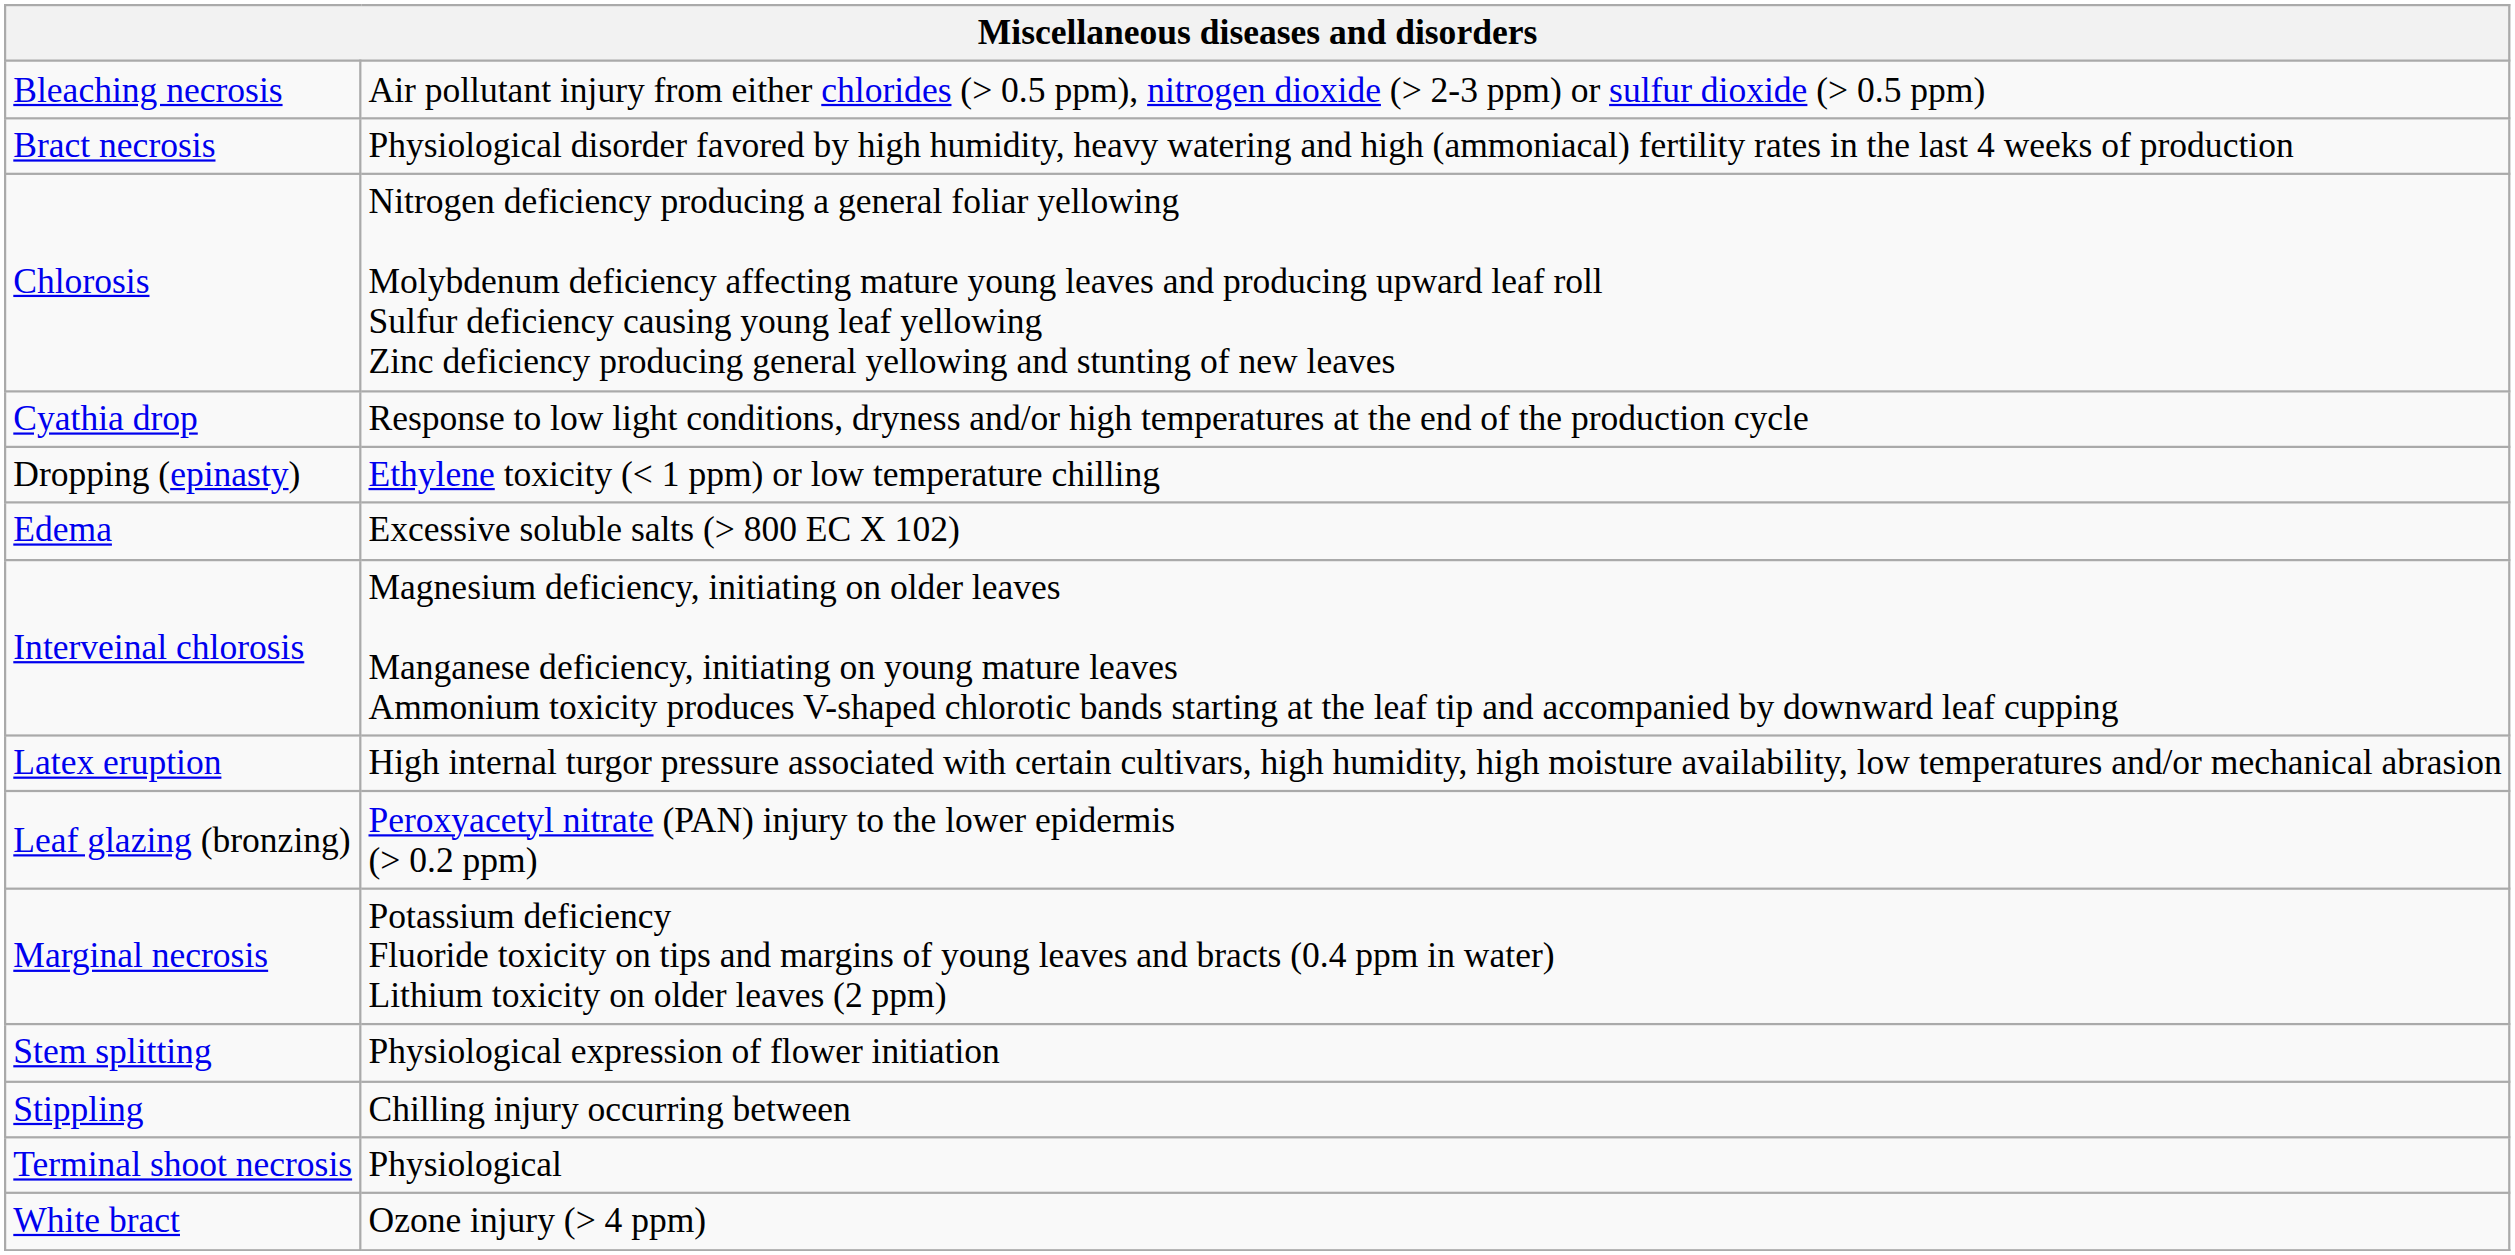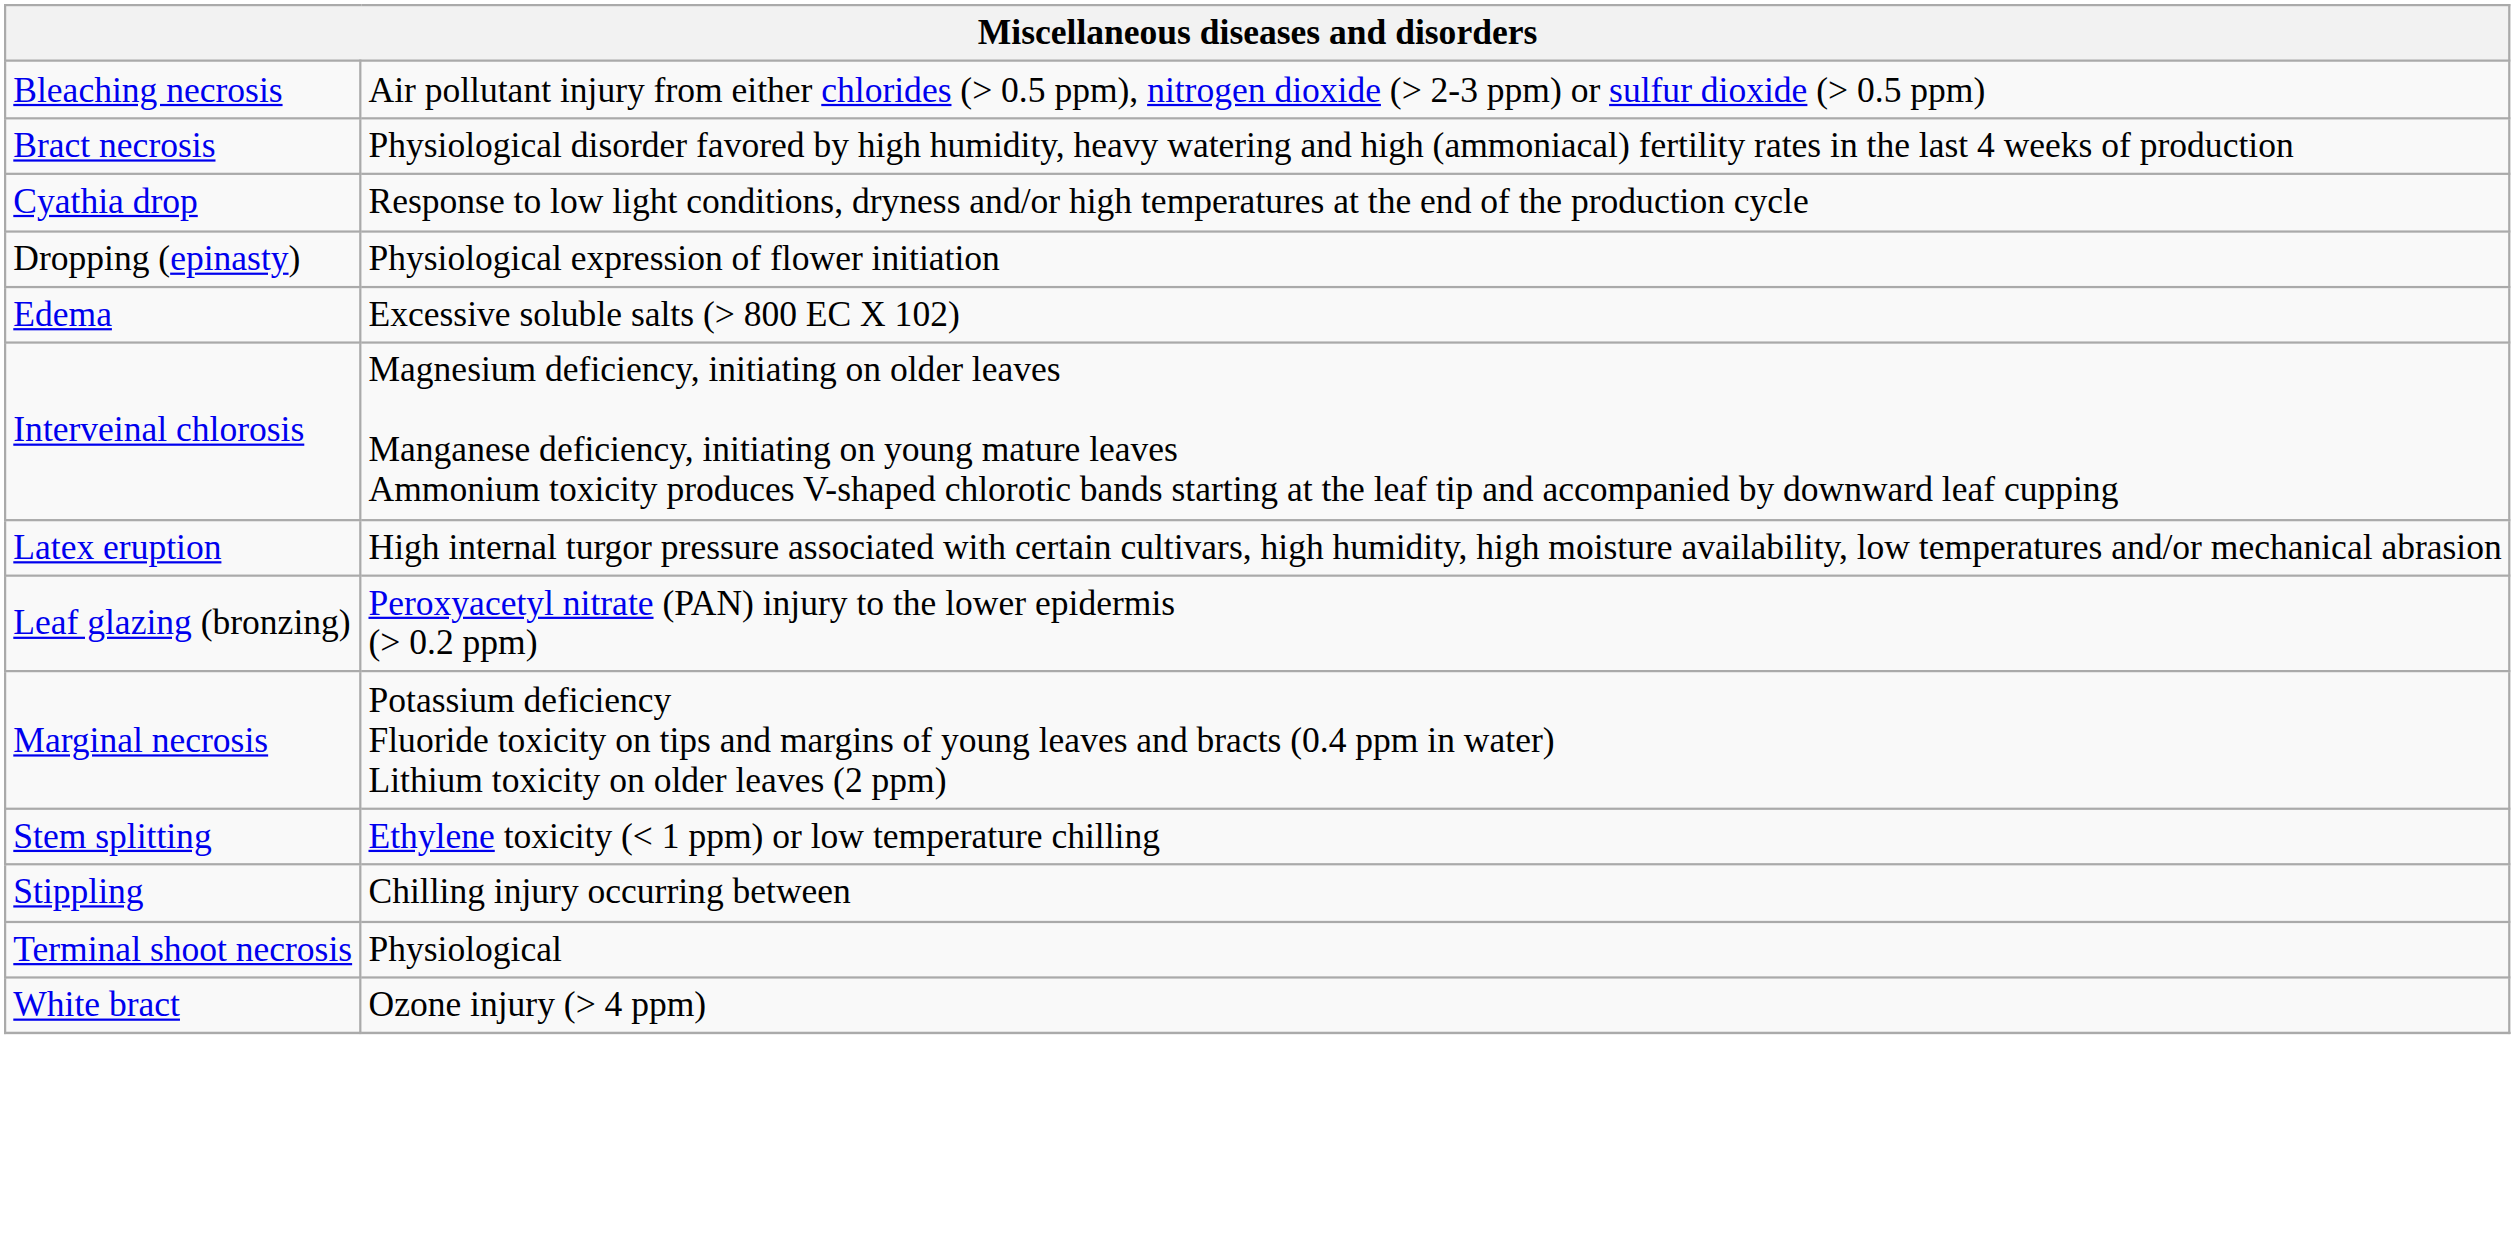 <table class="wikitable" style="clear">
 <tr>
 <th colspan=2><strong>Miscellaneous diseases and disorders</strong></th>
 </tr>
 <tr>
 <td><a href='#'>Bleaching necrosis</a></td>
 <td>Air pollutant injury from either <a href='#'>chlorides</a> (> 0.5 ppm), <a href='#'>nitrogen dioxide</a> (> 2-3 ppm) or <a href='#'>sulfur dioxide</a> (> 0.5 ppm)</td>
 </tr>
 <tr>
 <td><a href='#'>Bract necrosis</a></td>
 <td>Physiological disorder favored by high humidity, heavy watering and high (ammoniacal) fertility rates in the last 4 weeks of production</td>
 </tr>
 <tr>
-<td><a href='#'>Chlorosis</a></td>
-<td>Nitrogen deficiency producing a general foliar yellowing<br><br>Molybdenum deficiency affecting mature young leaves and producing upward leaf roll <br> Sulfur deficiency causing young leaf yellowing <br> Zinc deficiency producing general yellowing and stunting of new leaves <br></td>
-</tr>
-<tr>
 <td><a href='#'>Cyathia drop</a></td>
 <td>Response to low light conditions, dryness and/or high temperatures at the end of the production cycle</td>
 </tr>
 <tr>
 <td>Dropping (<a href='#'>epinasty</a>)</td>
-<td><a href='#'>Ethylene</a> toxicity (< 1 ppm) or low temperature chilling</td>
+<td>Physiological expression of flower initiation</td>
 </tr>
 <tr>
 <td><a href='#'>Edema</a></td>
 <td>Excessive soluble salts (> 800 EC X 102)</td>
 </tr>
 <tr>
 <td><a href='#'>Interveinal chlorosis</a></td>
 <td>Magnesium deficiency, initiating on older leaves <br><br>Manganese deficiency, initiating on young mature leaves <br>  Ammonium toxicity produces V-shaped chlorotic bands starting at the leaf tip and accompanied by downward leaf cupping</td>
 </tr>
 <tr>
 <td><a href='#'>Latex eruption</a></td>
 <td>High internal turgor pressure associated with certain cultivars, high humidity, high moisture availability, low temperatures and/or mechanical abrasion</td>
 </tr>
 <tr>
 <td><a href='#'>Leaf glazing</a> (bronzing)</td>
 <td><a href='#'>Peroxyacetyl nitrate</a> (PAN) injury to the lower epidermis<br>(> 0.2 ppm)</td>
 </tr>
 <tr>
 <td><a href='#'>Marginal necrosis</a></td>
 <td>Potassium deficiency<br>Fluoride toxicity on tips and margins of young leaves and bracts (0.4 ppm in water) <br> Lithium toxicity on older leaves (2 ppm)</td>
 </tr>
 <tr>
 <td><a href='#'>Stem splitting</a></td>
-<td>Physiological expression of flower initiation</td>
+<td><a href='#'>Ethylene</a> toxicity (< 1 ppm) or low temperature chilling</td>
 </tr>
 <tr>
 <td><a href='#'>Stippling</a></td>
 <td>Chilling injury occurring between </td>
 </tr>
 <tr>
 <td><a href='#'>Terminal shoot necrosis</a></td>
 <td>Physiological</td>
 </tr>
 <tr>
 <td><a href='#'>White bract</a></td>
 <td>Ozone injury (> 4 ppm)</td>
 </tr>
 <tr>
 </tr>
 </table>
